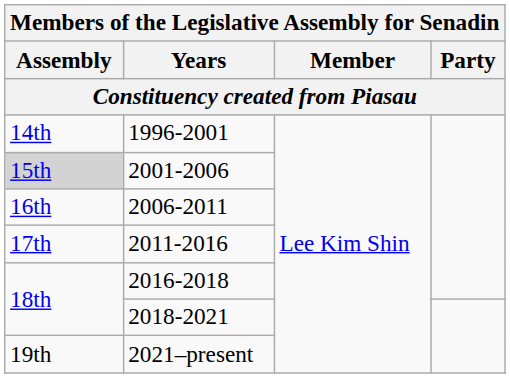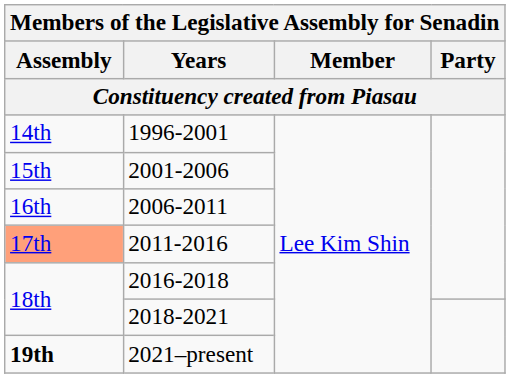 <table class=wikitable>
 <tr>
 <th colspan="4">Members of the Legislative Assembly for Senadin</th>
 </tr>
 <tr>
 <th>Assembly</th>
 <th>Years</th>
 <th>Member</th>
 <th>Party</th>
 </tr>
 <tr>
 <th colspan=4 align=center><em>Constituency created from Piasau</em></th>
 </tr>
 <tr>
 <td><a href='#'>14th</a></td>
 <td>1996-2001</td>
 <td rowspan="7"><a href='#'>Lee Kim Shin</a></td>
 <td rowspan=5 bgcolor=></td>
 </tr>
 <tr>
-<td style="background: lightgrey;"><a href='#'>15th</a></td>
+<td><a href='#'>15th</a></td>
 <td>2001-2006</td>
 </tr>
 <tr>
 <td><a href='#'>16th</a></td>
 <td>2006-2011</td>
 </tr>
 <tr>
-<td><a href='#'>17th</a></td>
+<td style="background: lightsalmon;"><a href='#'>17th</a></td>
 <td>2011-2016</td>
 </tr>
 <tr>
 <td rowspan="2"><a href='#'>18th</a></td>
 <td>2016-2018</td>
 </tr>
 <tr>
 <td>2018-2021</td>
 <td rowspan="2" bgcolor=></td>
 </tr>
 <tr>
-<td>19th</td>
+<td><strong>19th</strong></td>
 <td>2021–present</td>
 </tr>
 </table>
